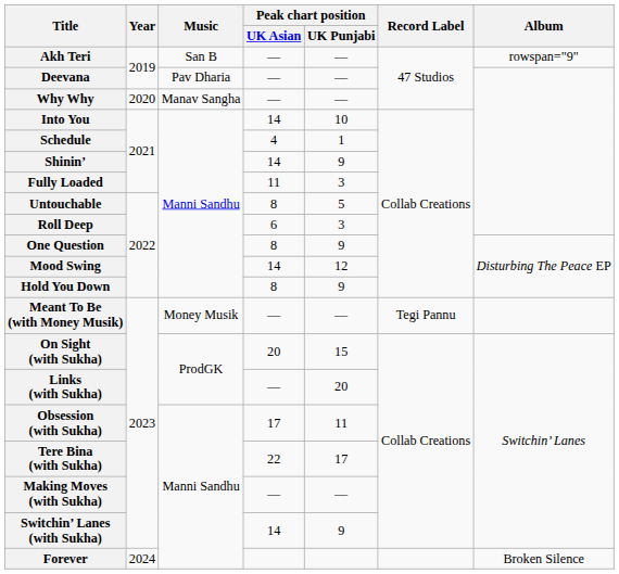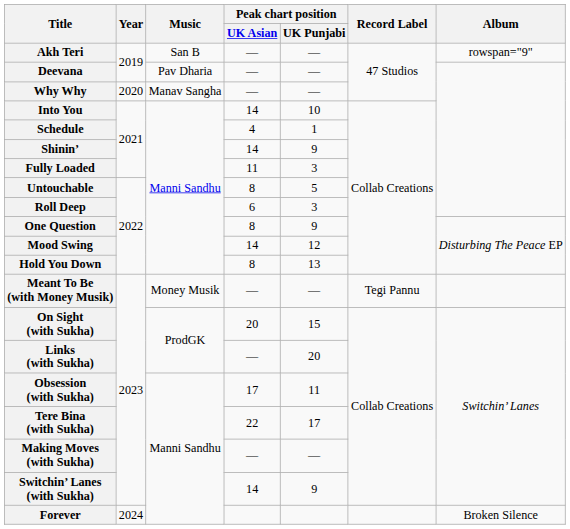 <table class="wikitable plainrowheaders" style="text-align:center;">
 <tr>
 <th rowspan="2">Title</th>
 <th rowspan="2">Year</th>
 <th rowspan="2">Music</th>
 <th colspan="2">Peak chart position</th>
 <th rowspan="2">Record Label</th>
 <th rowspan="2">Album</th>
 </tr>
 <tr>
 <th><a href='#'>UK Asian</a></th>
 <th>UK Punjabi</th>
 </tr>
 <tr>
 <th scope="row">Akh Teri </th>
 <td rowspan="2">2019</td>
 <td>San B</td>
 <td>—</td>
 <td>—</td>
 <td rowspan="3">47 Studios</td>
 <td>rowspan="9" </td>
 </tr>
 <tr>
 <th scope="row">Deevana</th>
 <td>Pav Dharia</td>
 <td>—</td>
 <td>—</td>
 </tr>
 <tr>
 <th scope="row">Why Why </th>
 <td>2020</td>
 <td>Manav Sangha</td>
 <td>—</td>
 <td>—</td>
 </tr>
 <tr>
 <th scope="row">Into You </th>
 <td rowspan="4">2021</td>
 <td rowspan="9"><a href='#'>Manni Sandhu</a></td>
 <td>14</td>
 <td>10</td>
 <td rowspan="9">Collab Creations</td>
 </tr>
 <tr>
 <th scope="row">Schedule </th>
 <td>4</td>
 <td>1</td>
 </tr>
 <tr>
 <th scope="row">Shinin’ </th>
 <td>14</td>
 <td>9</td>
 </tr>
 <tr>
 <th scope="row">Fully Loaded </th>
 <td>11</td>
 <td>3</td>
 </tr>
 <tr>
 <th scope="row">Untouchable </th>
 <td rowspan="5">2022</td>
 <td>8</td>
 <td>5</td>
 </tr>
 <tr>
 <th scope="row">Roll Deep </th>
 <td>6</td>
 <td>3</td>
 </tr>
 <tr>
 <th scope="row">One Question </th>
 <td>8</td>
 <td>9</td>
 <td rowspan="3"><em>Disturbing The Peace</em> EP</td>
 </tr>
 <tr>
 <th scope="row">Mood Swing </th>
 <td>14</td>
 <td>12</td>
 </tr>
 <tr>
 <th scope="row">Hold You Down </th>
 <td>8</td>
-<td>9</td>
+<td>13</td>
 </tr>
 <tr>
 <th scope="row">Meant To Be <br><span>(with Money Musik)</span></th>
 <td rowspan="7">2023</td>
 <td>Money Musik</td>
 <td>—</td>
 <td>—</td>
 <td>Tegi Pannu</td>
 <td></td>
 </tr>
 <tr>
 <th scope="row">On Sight <br><span>(with Sukha)</span></th>
 <td rowspan="2">ProdGK</td>
 <td>20</td>
 <td>15</td>
 <td rowspan="6">Collab Creations</td>
 <td rowspan="6"><em>Switchin’ Lanes</em></td>
 </tr>
 <tr>
 <th scope="row">Links <br><span>(with Sukha)</span></th>
 <td>—</td>
 <td>20</td>
 </tr>
 <tr>
 <th scope="row">Obsession <br><span>(with Sukha)</span></th>
 <td rowspan="5">Manni Sandhu</td>
 <td>17</td>
 <td>11</td>
 </tr>
 <tr>
 <th scope="row">Tere Bina <br><span>(with Sukha)</span></th>
 <td>22</td>
 <td>17</td>
 </tr>
 <tr>
 <th scope="row">Making Moves <br><span>(with Sukha)</span></th>
 <td>—</td>
 <td>—</td>
 </tr>
 <tr>
 <th scope="row">Switchin’ Lanes <br><span>(with Sukha)</span></th>
 <td>14</td>
 <td>9</td>
 </tr>
 <tr>
 <th>Forever</th>
 <td>2024</td>
 <td></td>
 <td></td>
 <td></td>
 <td>Broken Silence</td>
 </tr>
 </table>
